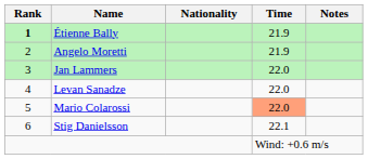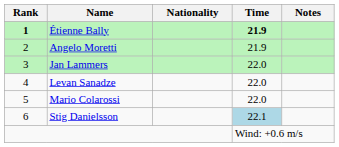 <table class="wikitable sortable" style="text-align:center;width: 55%">
 <tr>
 <th>Rank</th>
 <th>Name</th>
 <th>Nationality</th>
 <th>Time</th>
 <th>Notes</th>
 </tr>
 <tr bgcolor=bbf3bb>
 <td><strong>1</strong></td>
 <td align=left><a href='#'>Étienne Bally</a></td>
 <td align=left></td>
-<td>21.9</td>
+<td><strong>21.9</strong></td>
 <td></td>
 </tr>
 <tr bgcolor=bbf3bb>
 <td>2</td>
 <td align=left><a href='#'>Angelo Moretti</a></td>
 <td align=left></td>
 <td>21.9</td>
 <td></td>
 </tr>
 <tr bgcolor=bbf3bb>
 <td>3</td>
 <td align=left><a href='#'>Jan Lammers</a></td>
 <td align=left></td>
 <td>22.0</td>
 <td></td>
 </tr>
 <tr>
 <td>4</td>
 <td align=left><a href='#'>Levan Sanadze</a></td>
 <td align=left></td>
 <td>22.0</td>
 <td></td>
 </tr>
 <tr>
 <td>5</td>
 <td align=left><a href='#'>Mario Colarossi</a></td>
 <td align=left></td>
-<td style="background: lightsalmon;">22.0</td>
+<td>22.0</td>
 <td></td>
 </tr>
 <tr>
 <td>6</td>
 <td align=left><a href='#'>Stig Danielsson</a></td>
 <td align=left></td>
-<td>22.1</td>
+<td style="background: lightblue;">22.1</td>
 <td></td>
 </tr>
 <tr class="sortbottom">
 <td colspan="3"></td>
 <td colspan="2" style="text-align:left;">Wind: +0.6 m/s</td>
 </tr>
 </table>
